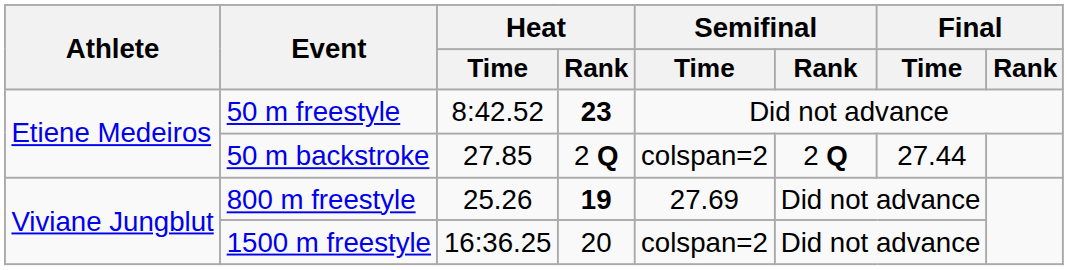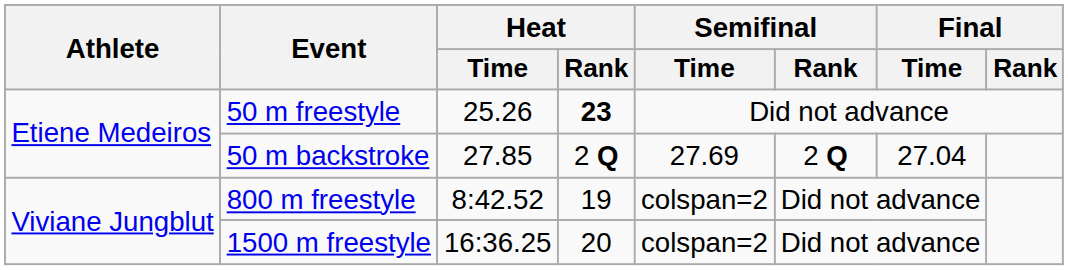 <table class=wikitable style="font-size:90%">
 <tr>
 <th rowspan="2">Athlete</th>
 <th rowspan="2">Event</th>
 <th colspan="2">Heat</th>
 <th colspan="2">Semifinal</th>
 <th colspan="2">Final</th>
 </tr>
 <tr style="font-size:95%">
 <th>Time</th>
 <th>Rank</th>
 <th>Time</th>
 <th>Rank</th>
 <th>Time</th>
 <th>Rank</th>
 </tr>
 <tr align=center>
 <td align=left rowspan=2><a href='#'>Etiene Medeiros</a></td>
 <td align=left><a href='#'>50 m freestyle</a></td>
-<td>8:42.52</td>
+<td>25.26</td>
 <td><strong>23</strong></td>
 <td colspan=4>Did not advance</td>
 </tr>
 <tr align=center>
 <td align=left><a href='#'>50 m backstroke</a></td>
 <td>27.85</td>
 <td>2 <strong>Q</strong></td>
-<td>colspan=2</td>
+<td>27.69</td>
 <td>2 <strong>Q</strong></td>
-<td>27.44</td>
+<td>27.04</td>
 <td></td>
 </tr>
 <tr align=center>
 <td align=left rowspan=2><a href='#'>Viviane Jungblut</a></td>
 <td align=left><a href='#'>800 m freestyle</a></td>
-<td>25.26</td>
-<td><strong>19</strong></td>
-<td>27.69</td>
+<td>8:42.52</td>
+<td>19</td>
+<td>colspan=2</td>
 <td colspan=2>Did not advance</td>
 </tr>
 <tr align=center>
 <td align=left><a href='#'>1500 m freestyle</a></td>
 <td>16:36.25</td>
 <td>20</td>
 <td>colspan=2</td>
 <td colspan=2>Did not advance</td>
 </tr>
 </table>
